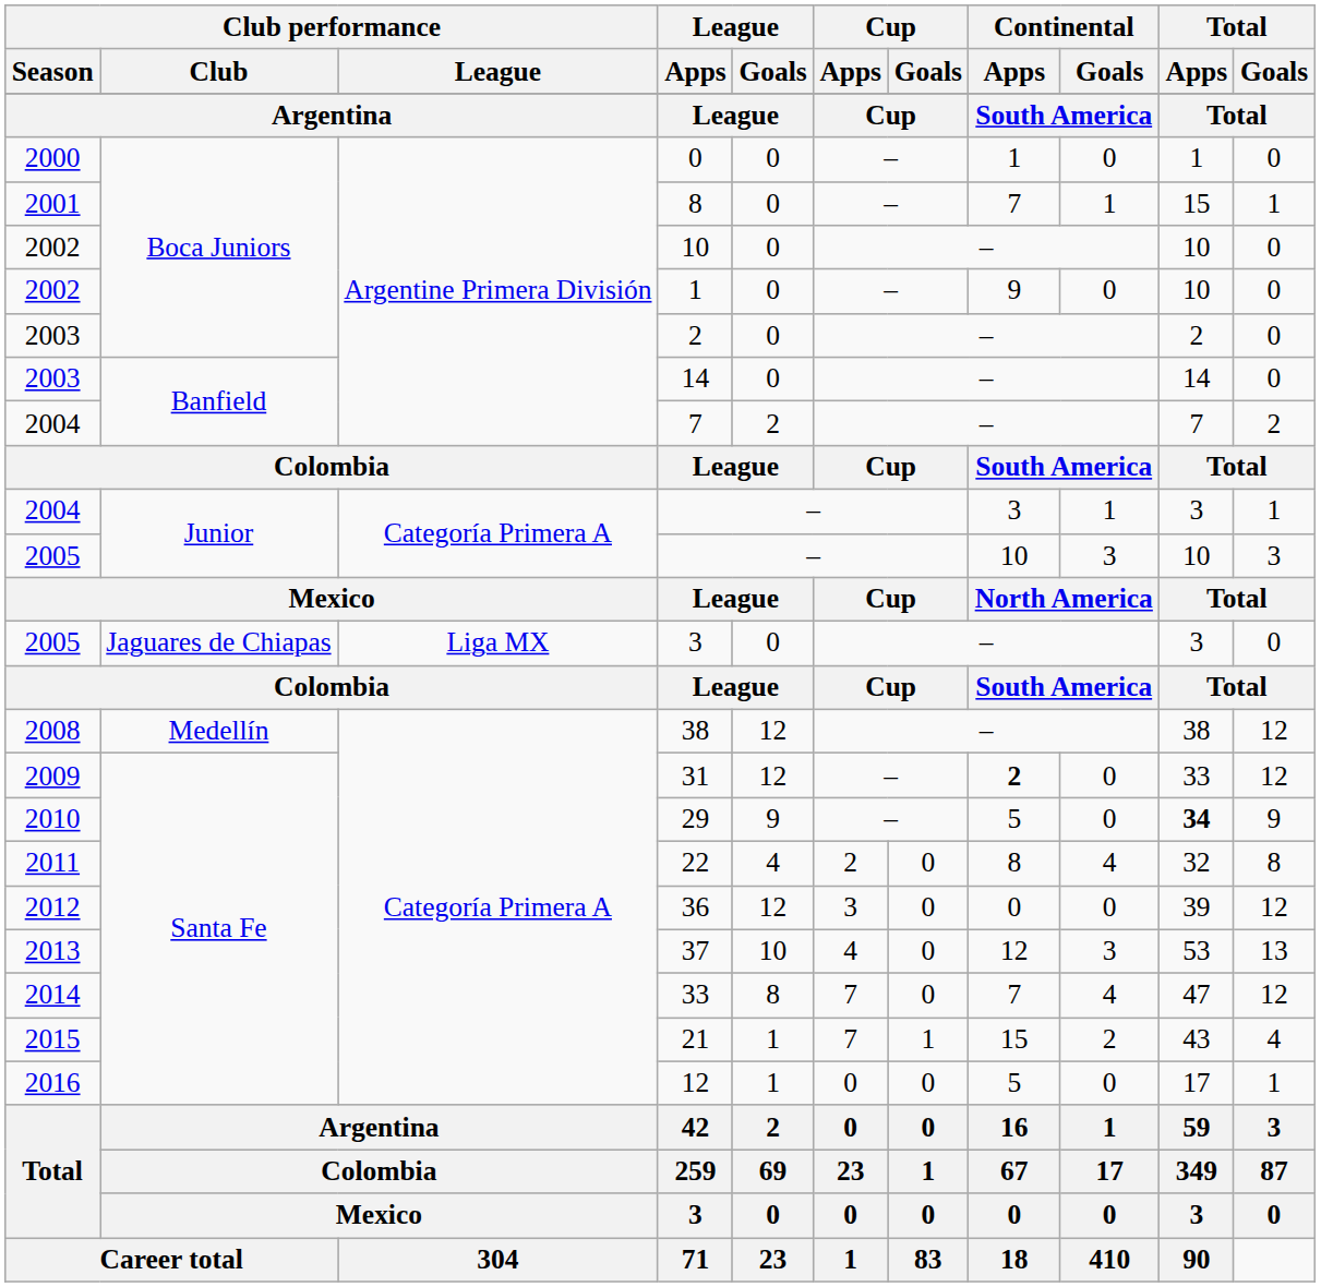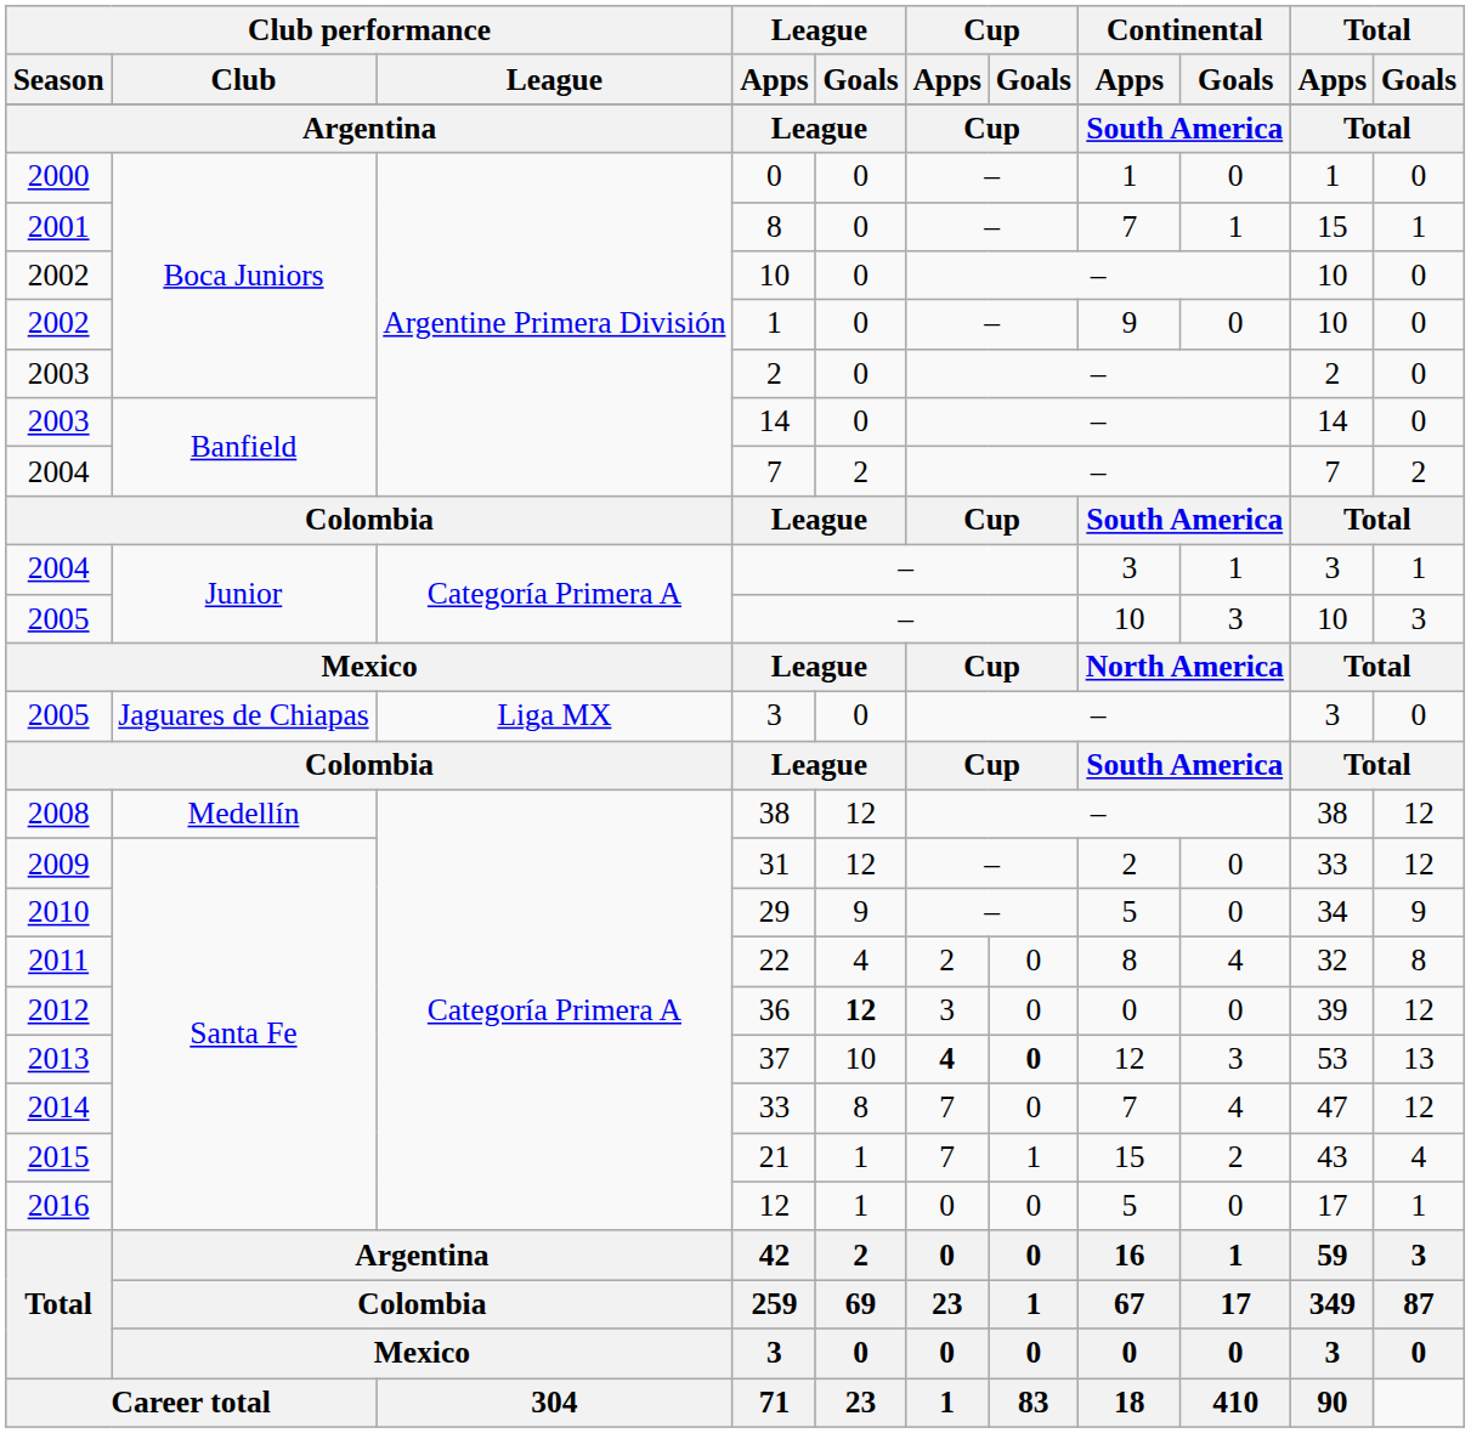 <table class="wikitable" style="text-align:center">
 <tr>
 <th colspan=3>Club performance</th>
 <th colspan=2>League</th>
 <th colspan=2>Cup</th>
 <th colspan=2>Continental</th>
 <th colspan=2>Total</th>
 </tr>
 <tr>
 <th>Season</th>
 <th>Club</th>
 <th>League</th>
 <th>Apps</th>
 <th>Goals</th>
 <th>Apps</th>
 <th>Goals</th>
 <th>Apps</th>
 <th>Goals</th>
 <th>Apps</th>
 <th>Goals</th>
 </tr>
 <tr>
 </tr>
 <tr>
 <th colspan=3>Argentina</th>
 <th colspan=2>League</th>
 <th colspan=2>Cup</th>
 <th colspan=2><a href='#'>South America</a></th>
 <th colspan=2>Total</th>
 </tr>
 <tr>
 <td><a href='#'>2000</a></td>
 <td rowspan="5"><a href='#'>Boca Juniors</a></td>
 <td rowspan="7"><a href='#'>Argentine Primera División</a></td>
 <td>0</td>
 <td>0</td>
 <td colspan=2>–</td>
 <td>1</td>
 <td>0</td>
 <td>1</td>
 <td>0</td>
 </tr>
 <tr>
 <td><a href='#'>2001</a></td>
 <td>8</td>
 <td>0</td>
 <td colspan=2>–</td>
 <td>7</td>
 <td>1</td>
 <td>15</td>
 <td>1</td>
 </tr>
 <tr>
 <td>2002</td>
 <td>10</td>
 <td>0</td>
 <td colspan=4>–</td>
 <td>10</td>
 <td>0</td>
 </tr>
 <tr>
 <td><a href='#'>2002</a></td>
 <td>1</td>
 <td>0</td>
 <td colspan=2>–</td>
 <td>9</td>
 <td>0</td>
 <td>10</td>
 <td>0</td>
 </tr>
 <tr>
 <td>2003</td>
 <td>2</td>
 <td>0</td>
 <td colspan=4>–</td>
 <td>2</td>
 <td>0</td>
 </tr>
 <tr>
 <td><a href='#'>2003</a></td>
 <td rowspan="2"><a href='#'>Banfield</a></td>
 <td>14</td>
 <td>0</td>
 <td colspan=4>–</td>
 <td>14</td>
 <td>0</td>
 </tr>
 <tr>
 <td>2004</td>
 <td>7</td>
 <td>2</td>
 <td colspan=4>–</td>
 <td>7</td>
 <td>2</td>
 </tr>
 <tr>
 <th colspan=3>Colombia</th>
 <th colspan=2>League</th>
 <th colspan=2>Cup</th>
 <th colspan=2><a href='#'>South America</a></th>
 <th colspan=2>Total</th>
 </tr>
 <tr>
 <td><a href='#'>2004</a></td>
 <td rowspan="2"><a href='#'>Junior</a></td>
 <td rowspan="2"><a href='#'>Categoría Primera A</a></td>
 <td colspan=4>–</td>
 <td>3</td>
 <td>1</td>
 <td>3</td>
 <td>1</td>
 </tr>
 <tr>
 <td><a href='#'>2005</a></td>
 <td colspan=4>–</td>
 <td>10</td>
 <td>3</td>
 <td>10</td>
 <td>3</td>
 </tr>
 <tr>
 <th colspan=3>Mexico</th>
 <th colspan=2>League</th>
 <th colspan=2>Cup</th>
 <th colspan=2><a href='#'>North America</a></th>
 <th colspan=2>Total</th>
 </tr>
 <tr>
 <td><a href='#'>2005</a></td>
 <td><a href='#'>Jaguares de Chiapas</a></td>
 <td><a href='#'>Liga MX</a></td>
 <td>3</td>
 <td>0</td>
 <td colspan=4>–</td>
 <td>3</td>
 <td>0</td>
 </tr>
 <tr>
 <th colspan=3>Colombia</th>
 <th colspan=2>League</th>
 <th colspan=2>Cup</th>
 <th colspan=2><a href='#'>South America</a></th>
 <th colspan=2>Total</th>
 </tr>
 <tr>
 <td><a href='#'>2008</a></td>
 <td><a href='#'>Medellín</a></td>
 <td rowspan="9"><a href='#'>Categoría Primera A</a></td>
 <td>38</td>
 <td>12</td>
 <td colspan=4>–</td>
 <td>38</td>
 <td>12</td>
 </tr>
 <tr>
 <td><a href='#'>2009</a></td>
 <td rowspan="8"><a href='#'>Santa Fe</a></td>
 <td>31</td>
 <td>12</td>
 <td colspan=2>–</td>
-<td><strong>2</strong></td>
+<td>2</td>
 <td>0</td>
 <td>33</td>
 <td>12</td>
 </tr>
 <tr>
 <td><a href='#'>2010</a></td>
 <td>29</td>
 <td>9</td>
 <td colspan=2>–</td>
 <td>5</td>
 <td>0</td>
-<td><strong>34</strong></td>
+<td>34</td>
 <td>9</td>
 </tr>
 <tr>
 <td><a href='#'>2011</a></td>
 <td>22</td>
 <td>4</td>
 <td>2</td>
 <td>0</td>
 <td>8</td>
 <td>4</td>
 <td>32</td>
 <td>8</td>
 </tr>
 <tr>
 <td><a href='#'>2012</a></td>
 <td>36</td>
-<td>12</td>
+<td><strong>12</strong></td>
 <td>3</td>
 <td>0</td>
 <td>0</td>
 <td>0</td>
 <td>39</td>
 <td>12</td>
 </tr>
 <tr>
 <td><a href='#'>2013</a></td>
 <td>37</td>
 <td>10</td>
-<td>4</td>
-<td>0</td>
+<td><strong>4</strong></td>
+<td><strong>0</strong></td>
 <td>12</td>
 <td>3</td>
 <td>53</td>
 <td>13</td>
 </tr>
 <tr>
 <td><a href='#'>2014</a></td>
 <td>33</td>
 <td>8</td>
 <td>7</td>
 <td>0</td>
 <td>7</td>
 <td>4</td>
 <td>47</td>
 <td>12</td>
 </tr>
 <tr>
 <td><a href='#'>2015</a></td>
 <td>21</td>
 <td>1</td>
 <td>7</td>
 <td>1</td>
 <td>15</td>
 <td>2</td>
 <td>43</td>
 <td>4</td>
 </tr>
 <tr>
 <td><a href='#'>2016</a></td>
 <td>12</td>
 <td>1</td>
 <td>0</td>
 <td>0</td>
 <td>5</td>
 <td>0</td>
 <td>17</td>
 <td>1</td>
 </tr>
 <tr>
 <th rowspan=3>Total</th>
 <th colspan=2>Argentina</th>
 <th>42</th>
 <th>2</th>
 <th>0</th>
 <th>0</th>
 <th>16</th>
 <th>1</th>
 <th>59</th>
 <th>3</th>
 </tr>
 <tr>
 <th colspan=2>Colombia</th>
 <th>259</th>
 <th>69</th>
 <th>23</th>
 <th>1</th>
 <th>67</th>
 <th>17</th>
 <th>349</th>
 <th>87</th>
 </tr>
 <tr>
 <th colspan=2>Mexico</th>
 <th>3</th>
 <th>0</th>
 <th>0</th>
 <th>0</th>
 <th>0</th>
 <th>0</th>
 <th>3</th>
 <th>0</th>
 </tr>
 <tr>
 <th colspan=2>Career total</th>
 <th>304</th>
 <th>71</th>
 <th>23</th>
 <th>1</th>
 <th>83</th>
 <th>18</th>
 <th>410</th>
 <th>90</th>
 </tr>
 </table>
